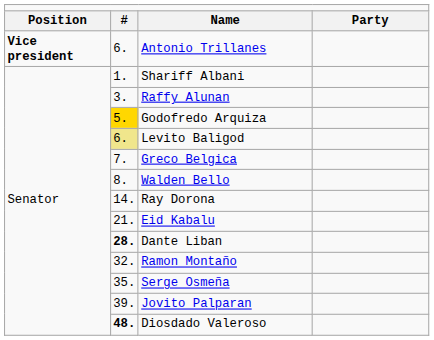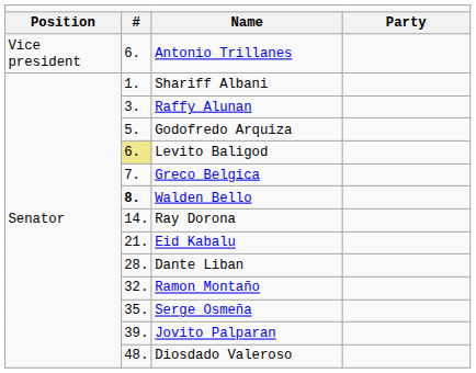 <table class=wikitable style="font-size:90%">
 <tr>
 <td colspan=5 bgcolor=></td>
 </tr>
 <tr>
 <th width=95px>Position</th>
 <th width=20px>#</th>
 <th width=160px>Name</th>
 <th colspan=2 width=105px>Party</th>
 </tr>
 <tr>
-<td><strong>Vice president</strong></td>
+<td>Vice president</td>
 <td>6.</td>
 <td><a href='#'>Antonio Trillanes</a></td>
 <td></td>
 </tr>
 <tr>
 <td rowspan=13>Senator</td>
 <td>1.</td>
 <td>Shariff Albani</td>
 <td></td>
 </tr>
 <tr>
 <td>3.</td>
 <td><a href='#'>Raffy Alunan</a></td>
 <td></td>
 </tr>
 <tr>
-<td style="background: gold;">5.</td>
+<td>5.</td>
 <td>Godofredo Arquiza</td>
 <td></td>
 </tr>
 <tr>
 <td style="background: khaki;">6.</td>
 <td>Levito Baligod</td>
 <td></td>
 </tr>
 <tr>
 <td>7.</td>
 <td><a href='#'>Greco Belgica</a></td>
 <td></td>
 </tr>
 <tr>
-<td>8.</td>
+<td><strong>8.</strong></td>
 <td><a href='#'>Walden Bello</a></td>
 <td></td>
 </tr>
 <tr>
 <td>14.</td>
 <td>Ray Dorona</td>
 <td></td>
 </tr>
 <tr>
 <td>21.</td>
 <td><a href='#'>Eid Kabalu</a></td>
 <td></td>
 </tr>
 <tr>
-<td><strong>28.</strong></td>
+<td>28.</td>
 <td>Dante Liban</td>
 <td></td>
 </tr>
 <tr>
 <td>32.</td>
 <td><a href='#'>Ramon Montaño</a></td>
 <td></td>
 </tr>
 <tr>
 <td>35.</td>
 <td><a href='#'>Serge Osmeña</a></td>
 <td></td>
 </tr>
 <tr>
 <td>39.</td>
 <td><a href='#'>Jovito Palparan</a></td>
 <td></td>
 </tr>
 <tr>
-<td><strong>48.</strong></td>
+<td>48.</td>
 <td>Diosdado Valeroso</td>
 <td></td>
 </tr>
 </table>
